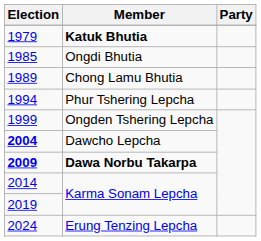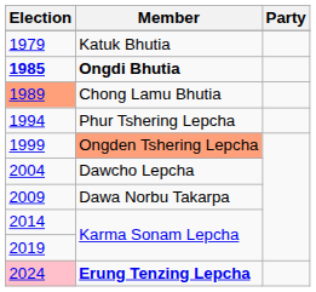 <table class="wikitable sortable">
 <tr>
 <th>Election</th>
 <th>Member</th>
 <th colspan=2>Party</th>
 </tr>
 <tr>
 </tr>
 <tr>
 <td><a href='#'>1979</a></td>
-<td><strong>Katuk Bhutia</strong></td>
+<td>Katuk Bhutia</td>
 <td></td>
 </tr>
 <tr>
-<td><a href='#'>1985</a></td>
-<td>Ongdi Bhutia</td>
+<td><strong><a href='#'>1985</a></strong></td>
+<td><strong>Ongdi Bhutia</strong></td>
 <td></td>
 </tr>
 <tr>
-<td><a href='#'>1989</a></td>
+<td style="background: lightsalmon;"><a href='#'>1989</a></td>
 <td>Chong Lamu Bhutia</td>
 </tr>
 <tr>
 <td><a href='#'>1994</a></td>
 <td>Phur Tshering  Lepcha</td>
 <td></td>
 </tr>
 <tr>
 <td><a href='#'>1999</a></td>
-<td>Ongden Tshering Lepcha</td>
+<td style="background: lightsalmon;">Ongden Tshering Lepcha</td>
 </tr>
 <tr>
-<td><strong><a href='#'>2004</a></strong></td>
+<td><a href='#'>2004</a></td>
 <td>Dawcho Lepcha</td>
 </tr>
 <tr>
-<td><strong><a href='#'>2009</a></strong></td>
-<td><strong>Dawa Norbu Takarpa</strong></td>
+<td><a href='#'>2009</a></td>
+<td>Dawa Norbu Takarpa</td>
 </tr>
 <tr>
 <td><a href='#'>2014</a></td>
 <td rowspan=2><a href='#'>Karma Sonam Lepcha</a></td>
 </tr>
 <tr>
 <td><a href='#'>2019</a></td>
 </tr>
 <tr>
-<td><a href='#'>2024</a></td>
-<td><a href='#'>Erung Tenzing Lepcha</a></td>
+<td style="background: pink;"><a href='#'>2024</a></td>
+<td><strong><a href='#'>Erung Tenzing Lepcha</a></strong></td>
 <td></td>
 </tr>
 </table>
